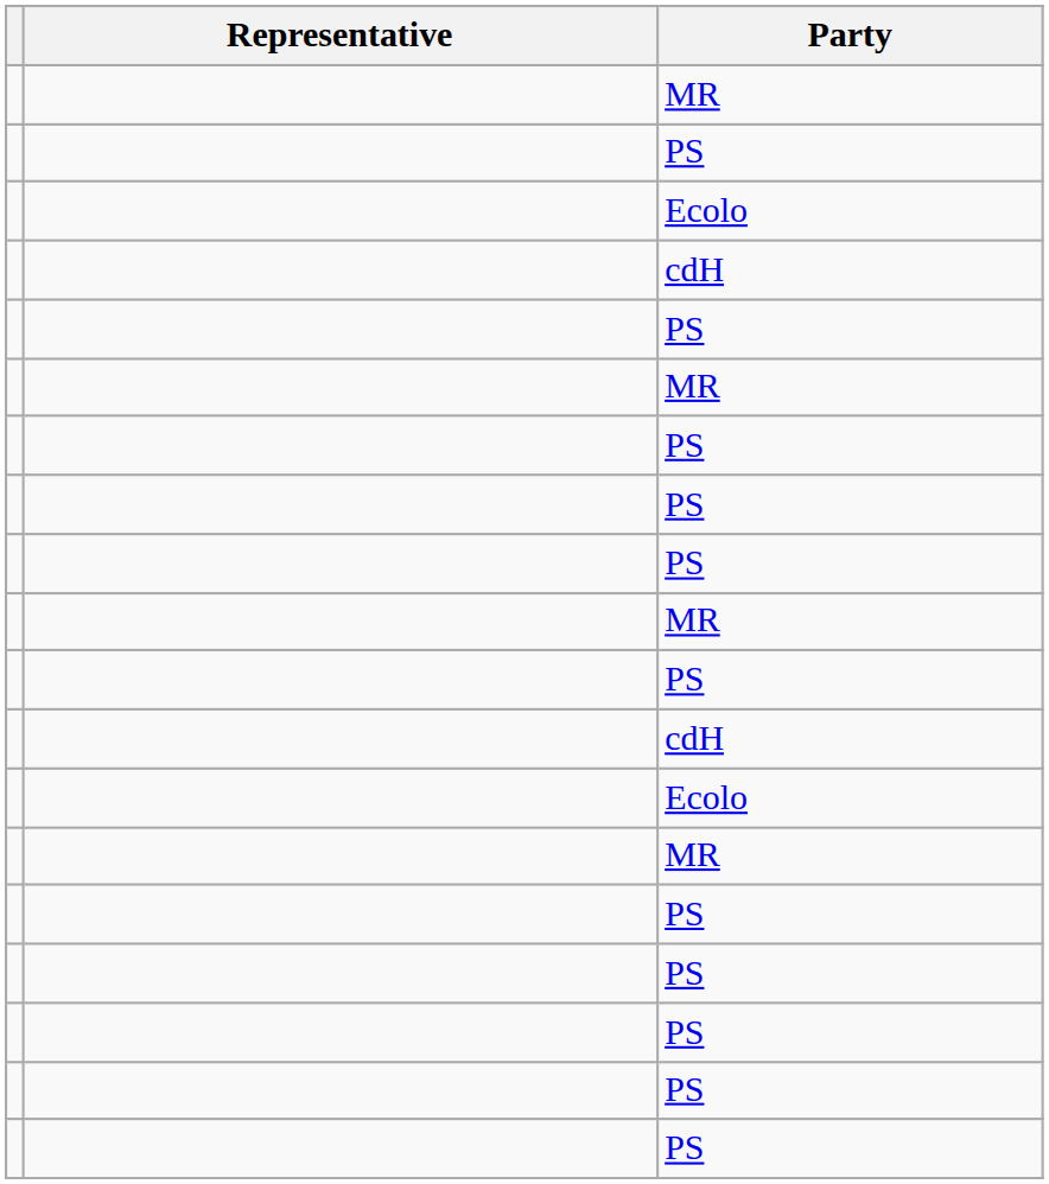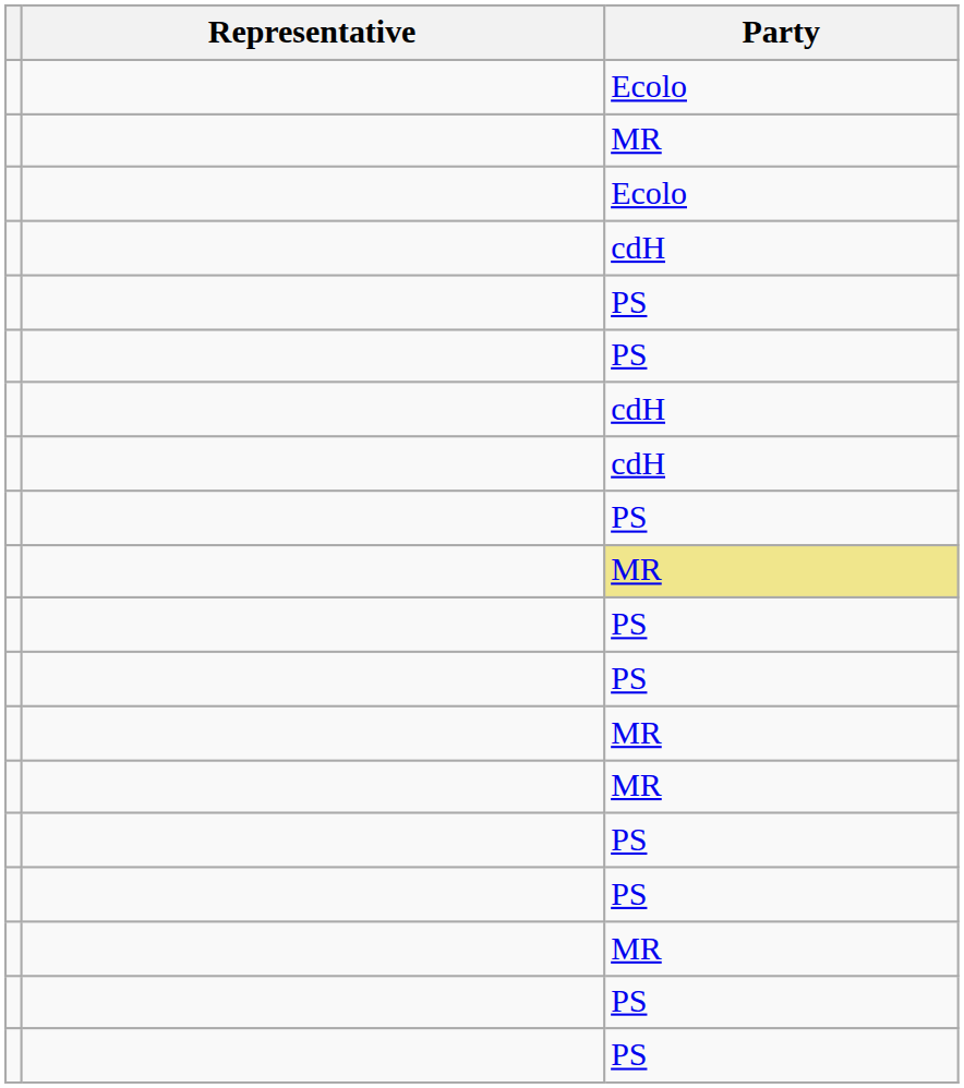 <table class="sortable wikitable" style="text-align:left; font-size:90%">
 <tr>
 <th></th>
 <th width="250">Representative</th>
 <th width="150">Party</th>
 </tr>
 <tr>
 <td></td>
 <td align=left></td>
-<td><a href='#'>MR</a></td>
+<td><a href='#'>Ecolo</a></td>
 </tr>
 <tr>
 <td></td>
 <td align=left></td>
-<td><a href='#'>PS</a></td>
+<td><a href='#'>MR</a></td>
 </tr>
 <tr>
 <td></td>
 <td align=left></td>
 <td><a href='#'>Ecolo</a></td>
 </tr>
 <tr>
 <td></td>
 <td align=left></td>
 <td><a href='#'>cdH</a></td>
 </tr>
 <tr>
 <td></td>
 <td align=left></td>
 <td><a href='#'>PS</a></td>
 </tr>
 <tr>
 <td></td>
 <td align=left></td>
+<td><a href='#'>PS</a></td>
+</tr>
+<tr>
+<td></td>
+<td align=left></td>
+<td><a href='#'>cdH</a></td>
+</tr>
+<tr>
+<td></td>
+<td align=left></td>
+<td><a href='#'>cdH</a></td>
+</tr>
+<tr>
+<td></td>
+<td align=left></td>
+<td><a href='#'>PS</a></td>
+</tr>
+<tr>
+<td></td>
+<td align=left></td>
+<td style="background: khaki;"><a href='#'>MR</a></td>
+</tr>
+<tr>
+<td></td>
+<td align=left></td>
+<td><a href='#'>PS</a></td>
+</tr>
+<tr>
+<td></td>
+<td align=left></td>
+<td><a href='#'>PS</a></td>
+</tr>
+<tr>
+<td></td>
+<td align=left></td>
 <td><a href='#'>MR</a></td>
 </tr>
 <tr>
 <td></td>
 <td align=left></td>
-<td><a href='#'>PS</a></td>
+<td><a href='#'>MR</a></td>
 </tr>
 <tr>
 <td></td>
 <td align=left></td>
 <td><a href='#'>PS</a></td>
 </tr>
 <tr>
 <td></td>
 <td align=left></td>
 <td><a href='#'>PS</a></td>
 </tr>
 <tr>
 <td></td>
 <td align=left></td>
 <td><a href='#'>MR</a></td>
 </tr>
 <tr>
 <td></td>
 <td align=left></td>
 <td><a href='#'>PS</a></td>
 </tr>
 <tr>
 <td></td>
 <td align=left></td>
-<td><a href='#'>cdH</a></td>
-</tr>
-<tr>
-<td></td>
-<td align=left></td>
-<td><a href='#'>Ecolo</a></td>
-</tr>
-<tr>
-<td></td>
-<td align=left></td>
-<td><a href='#'>MR</a></td>
-</tr>
-<tr>
-<td></td>
-<td align=left></td>
-<td><a href='#'>PS</a></td>
-</tr>
-<tr>
-<td></td>
-<td align=left></td>
-<td><a href='#'>PS</a></td>
-</tr>
-<tr>
-<td></td>
-<td align=left></td>
-<td><a href='#'>PS</a></td>
-</tr>
-<tr>
-<td></td>
-<td align=left></td>
-<td><a href='#'>PS</a></td>
-</tr>
-<tr>
-<td></td>
-<td align=left></td>
 <td><a href='#'>PS</a></td>
 </tr>
 </table>
